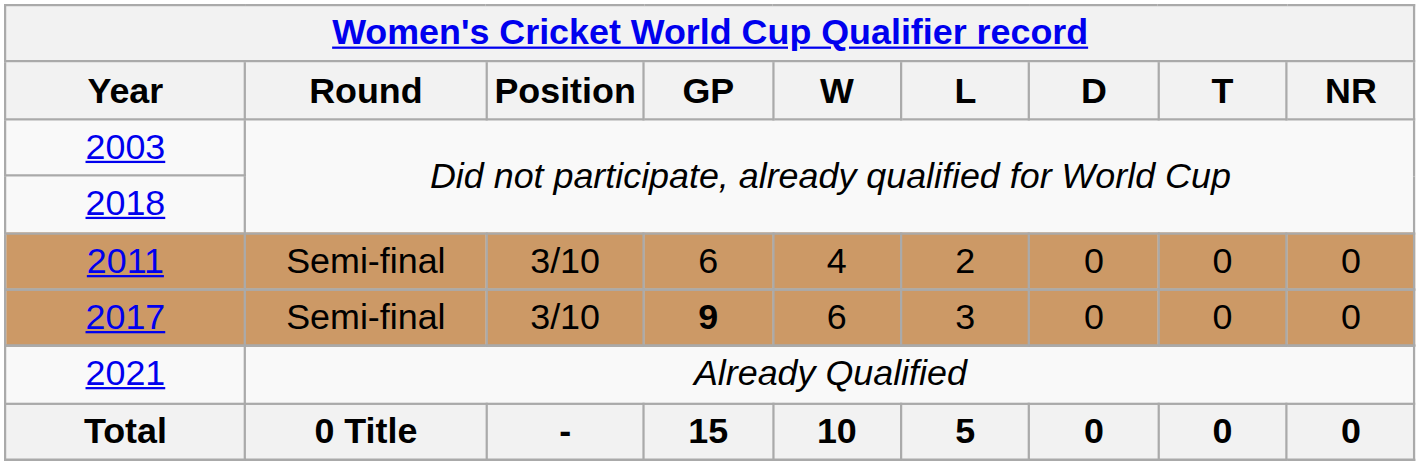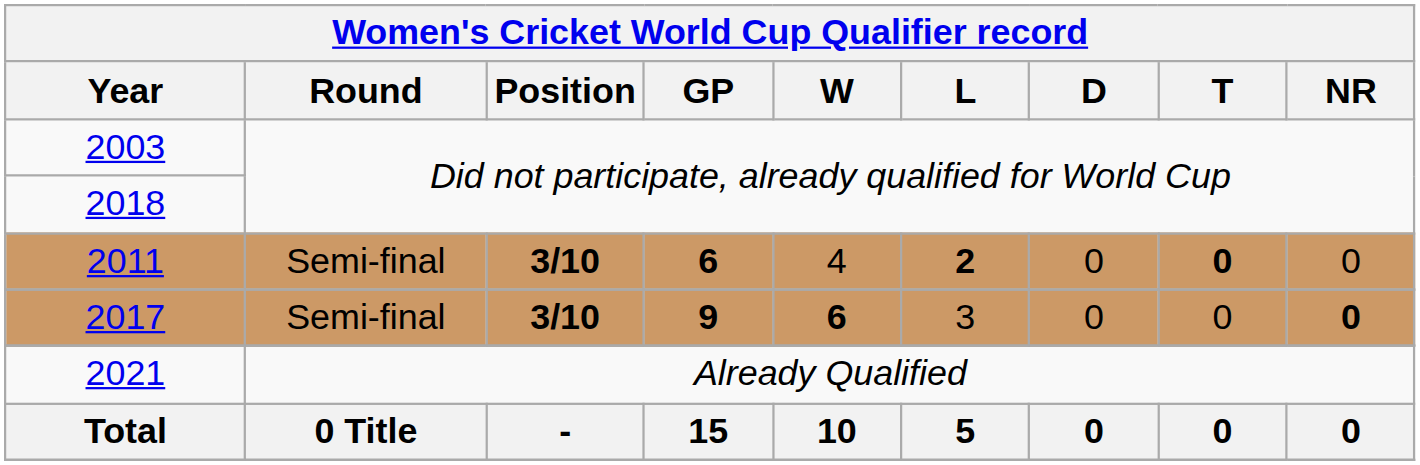 <table class="wikitable" style="text-align: center;">
 <tr>
 <th colspan=10><a href='#'>Women's Cricket World Cup Qualifier record</a></th>
 </tr>
 <tr>
 <th width=100>Year</th>
 <th width=100>Round</th>
 <th width=50>Position</th>
 <th width=50>GP</th>
 <th width=50>W</th>
 <th width=50>L</th>
 <th width=50>D</th>
 <th width=50>T</th>
 <th width=50>NR</th>
 </tr>
 <tr>
 <td><a href='#'>2003</a></td>
 <td colspan="8" rowspan="2"><em>Did not participate, already qualified for World Cup</em></td>
 </tr>
 <tr>
 <td><a href='#'>2018</a></td>
 </tr>
 <tr bgcolor=#cc9966>
 <td><a href='#'>2011</a></td>
 <td>Semi-final</td>
-<td>3/10</td>
-<td>6</td>
+<td><strong>3/10</strong></td>
+<td><strong>6</strong></td>
 <td>4</td>
-<td>2</td>
+<td><strong>2</strong></td>
 <td>0</td>
-<td>0</td>
+<td><strong>0</strong></td>
 <td>0</td>
 </tr>
 <tr>
 </tr>
 <tr bgcolor=#cc9966>
 <td><a href='#'>2017</a></td>
 <td>Semi-final</td>
-<td>3/10</td>
+<td><strong>3/10</strong></td>
 <td><strong>9</strong></td>
-<td>6</td>
+<td><strong>6</strong></td>
 <td>3</td>
 <td>0</td>
 <td>0</td>
-<td>0</td>
+<td><strong>0</strong></td>
 </tr>
 <tr>
 </tr>
 <tr>
 <td><a href='#'>2021</a></td>
 <td colspan="8"><em>Already Qualified</em></td>
 </tr>
 <tr>
 <th><strong>Total</strong></th>
 <th>0 Title</th>
 <th>-</th>
 <th>15</th>
 <th>10</th>
 <th>5</th>
 <th>0</th>
 <th>0</th>
 <th>0</th>
 </tr>
 <tr>
 </tr>
 </table>
